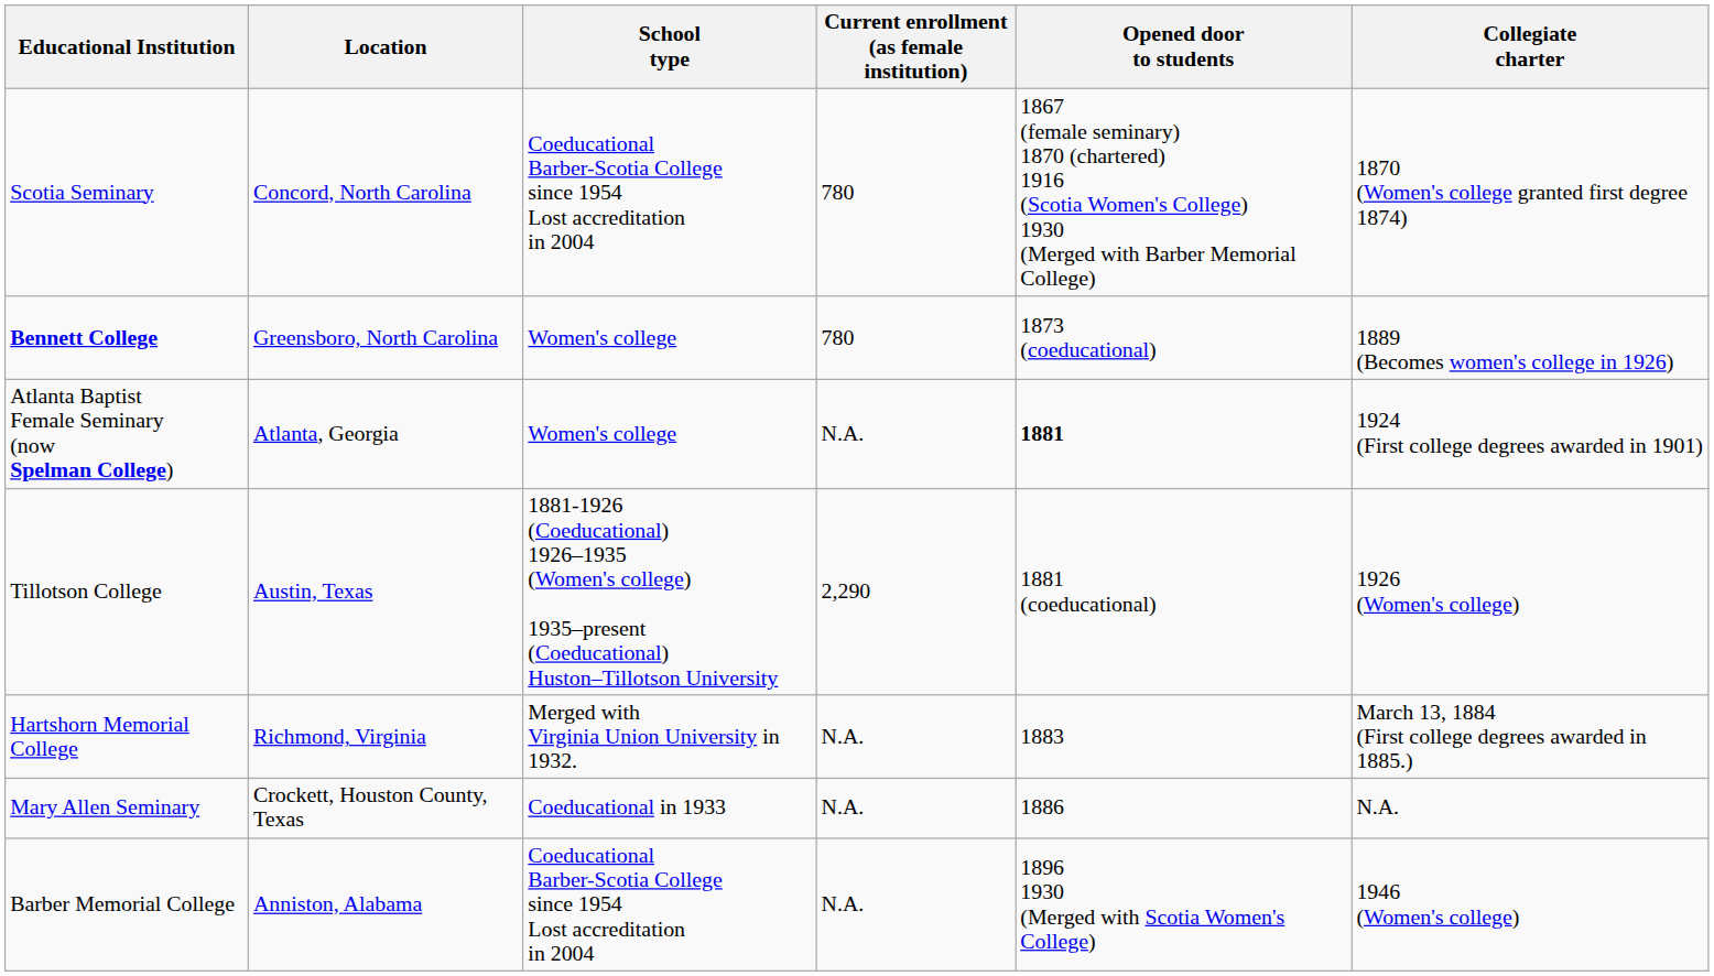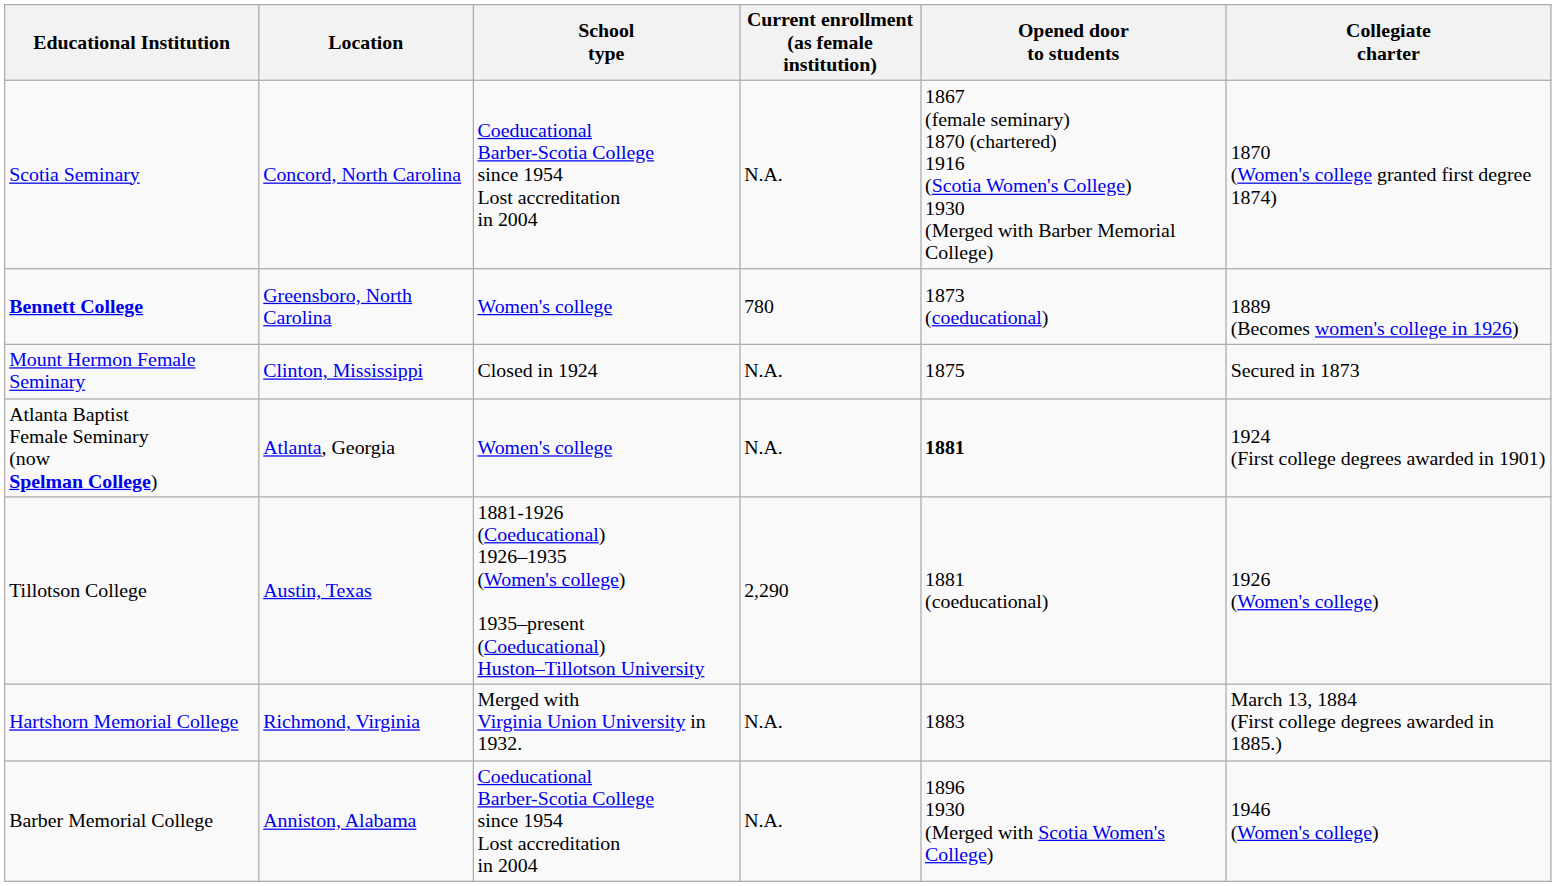 <table class="wikitable sortable">
 <tr>
 <th>Educational Institution</th>
 <th>Location</th>
 <th>School<br>type</th>
 <th>Current enrollment<br>(as female institution)</th>
 <th>Opened door<br>to students</th>
 <th>Collegiate<br>charter</th>
 </tr>
 <tr>
 <td align="left"><a href='#'>Scotia Seminary</a></td>
 <td align="left"><a href='#'>Concord, North Carolina</a></td>
 <td align="left"><a href='#'>Coeducational</a><br><a href='#'>Barber-Scotia College</a><br>since 1954<br>Lost accreditation<br>in 2004</td>
-<td align="left">780</td>
+<td align="left">N.A.</td>
 <td align="left">1867<br>(female seminary)<br>1870 (chartered)<br>1916<br>(<a href='#'>Scotia Women's College</a>)<br>1930<br>(Merged with Barber Memorial College)</td>
 <td align="left">1870<br>(<a href='#'>Women's college</a> granted first degree 1874)</td>
 </tr>
 <tr>
 <td align="left"><strong><a href='#'>Bennett College</a></strong></td>
 <td align="left"><a href='#'>Greensboro, North Carolina</a></td>
 <td align="left"><a href='#'>Women's college</a></td>
 <td align="left">780</td>
 <td align="left">1873<br>(<a href='#'>coeducational</a>)</td>
 <td align="left"><br>1889<br>(Becomes <a href='#'>women's college in 1926</a>)</td>
+</tr>
+<tr>
+<td align="left"><a href='#'>Mount Hermon Female Seminary</a></td>
+<td align="left"><a href='#'>Clinton, Mississippi</a></td>
+<td align="left">Closed in 1924</td>
+<td align="left">N.A.</td>
+<td align="left">1875</td>
+<td align="left">Secured in 1873</td>
 </tr>
 <tr>
 <td align="left">Atlanta Baptist<br>Female Seminary<br>(now<br><strong><a href='#'>Spelman College</a></strong>)</td>
 <td align="left"><a href='#'>Atlanta</a>, Georgia</td>
 <td align="left"><a href='#'>Women's college</a></td>
 <td align="left">N.A.</td>
 <td align="left"><strong>1881</strong></td>
 <td align="left">1924<br>(First college degrees awarded in 1901)</td>
 </tr>
 <tr>
 <td align="left">Tillotson College</td>
 <td align="left"><a href='#'>Austin, Texas</a></td>
 <td align="left">1881-1926<br>(<a href='#'>Coeducational</a>)<br>1926–1935<br>(<a href='#'>Women's college</a>)<br><br>1935–present<br>(<a href='#'>Coeducational</a>)<br><a href='#'>Huston–Tillotson University</a></td>
 <td align="left">2,290</td>
 <td align="left">1881<br>(coeducational)</td>
 <td align="left">1926<br>(<a href='#'>Women's college</a>)</td>
 </tr>
 <tr>
 <td align="left"><a href='#'>Hartshorn Memorial College</a></td>
 <td align="left"><a href='#'>Richmond, Virginia</a></td>
 <td align="left">Merged with<br><a href='#'>Virginia Union University</a> in 1932.</td>
 <td align="left">N.A.</td>
 <td align="left">1883</td>
 <td align="left">March 13, 1884<br>(First college degrees awarded in 1885.)</td>
 </tr>
 <tr>
-<td align="left"><a href='#'>Mary Allen Seminary</a></td>
-<td align="left">Crockett, Houston County, Texas</td>
-<td align="left"><a href='#'>Coeducational</a> in 1933</td>
-<td align="left">N.A.</td>
-<td align="left">1886</td>
-<td align="left">N.A.</td>
-</tr>
-<tr>
 <td align="left">Barber Memorial College</td>
 <td align="left"><a href='#'>Anniston, Alabama</a></td>
 <td align="left"><a href='#'>Coeducational</a><br><a href='#'>Barber-Scotia College</a><br>since 1954<br>Lost accreditation<br>in 2004</td>
 <td align="left">N.A.</td>
 <td align="left">1896<br>1930<br>(Merged with <a href='#'>Scotia Women's College</a>)</td>
 <td align="left">1946<br>(<a href='#'>Women's college</a>)</td>
 </tr>
 </table>
